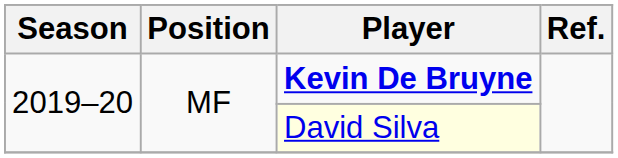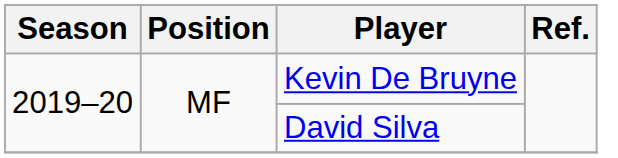 <table class="wikitable">
 <tr>
 <th>Season</th>
 <th>Position</th>
 <th>Player</th>
 <th>Ref.</th>
 </tr>
 <tr>
 <td rowspan="2" style="text-align:center;">2019–20</td>
 <td rowspan="2" style="text-align:center;">MF</td>
-<td><strong> <a href='#'>Kevin De Bruyne</a></strong></td>
+<td> <a href='#'>Kevin De Bruyne</a></td>
 <td rowspan="2" style="text-align:center;"></td>
 </tr>
 <tr>
-<td style="background: lightyellow;"> <a href='#'>David Silva</a></td>
+<td> <a href='#'>David Silva</a></td>
 </tr>
 <tr>
 </tr>
 </table>
